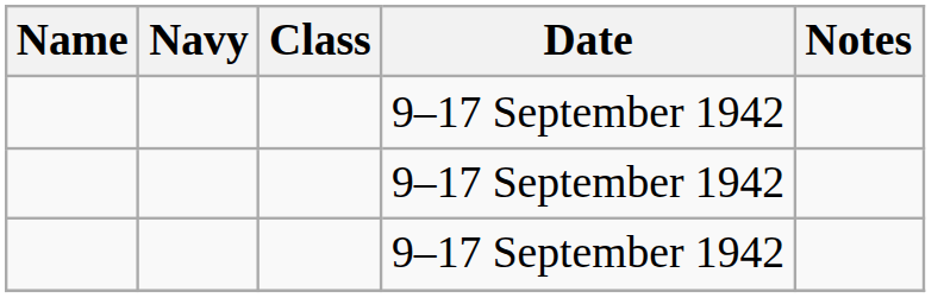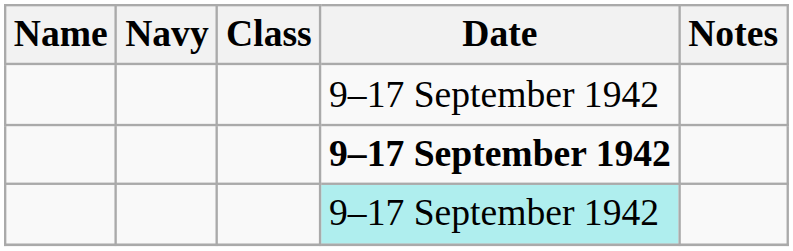 <table class="wikitable sortable">
 <tr>
 <th>Name</th>
 <th>Navy</th>
 <th>Class</th>
 <th>Date</th>
 <th>Notes</th>
 </tr>
 <tr>
 <td></td>
 <td></td>
 <td></td>
 <td>9–17 September 1942</td>
 <td></td>
 </tr>
 <tr>
 <td></td>
 <td></td>
 <td></td>
-<td>9–17 September 1942</td>
+<td><strong>9–17 September 1942</strong></td>
 <td></td>
 </tr>
 <tr>
 <td></td>
 <td></td>
 <td></td>
-<td>9–17 September 1942</td>
+<td style="background: paleturquoise;">9–17 September 1942</td>
 <td></td>
 </tr>
 <tr>
 </tr>
 </table>
